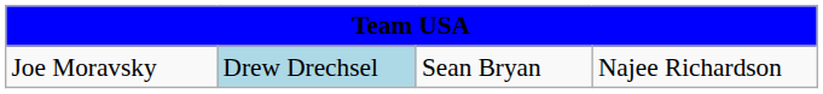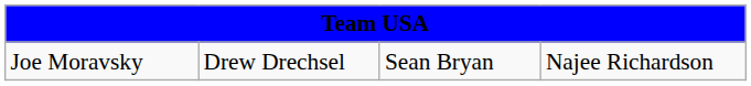 <table class="wikitable" style="width:40%; text-align=center;">
 <tr>
 <th colspan="4" style="background:blue;">Team USA</th>
 </tr>
 <tr>
 <td style="width:10%;">Joe Moravsky</td>
-<td style="background: lightblue; width:10%;">Drew Drechsel</td>
+<td style="width:10%;">Drew Drechsel</td>
 <td style="width:10%;">Sean Bryan</td>
 <td style="width:10%;">Najee Richardson</td>
 </tr>
 </table>
